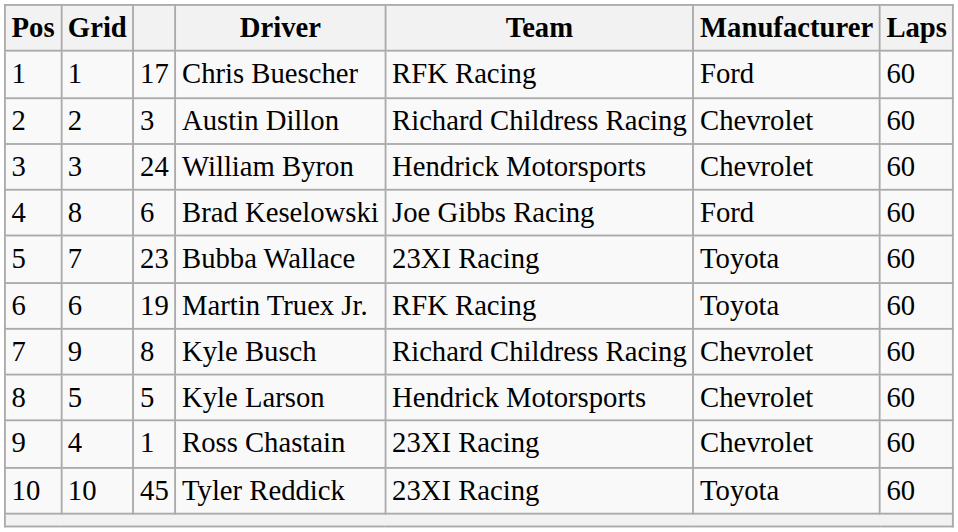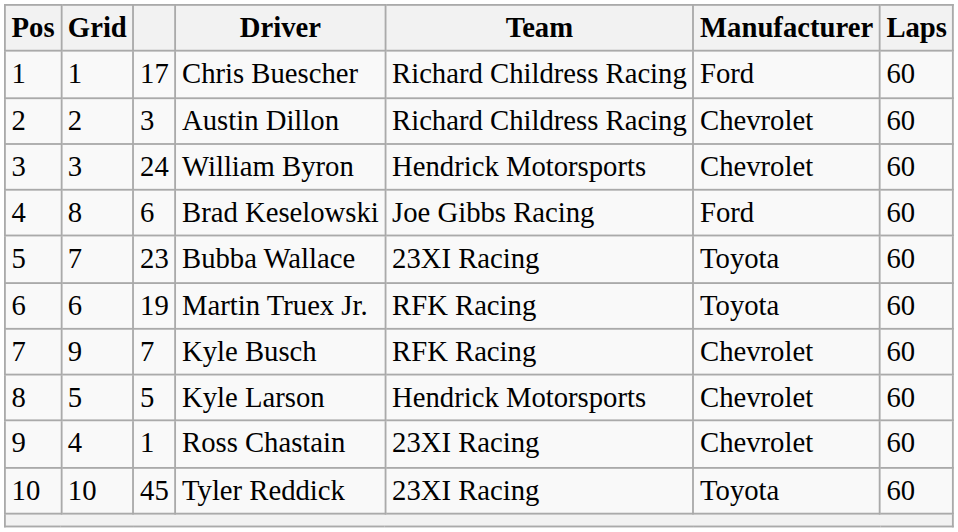 <table class="wikitable" style="font-size:98%">
 <tr>
 <th>Pos</th>
 <th>Grid</th>
 <th></th>
 <th>Driver</th>
 <th>Team</th>
 <th>Manufacturer</th>
 <th>Laps</th>
 </tr>
 <tr>
 <td>1</td>
 <td>1</td>
 <td>17</td>
 <td>Chris Buescher</td>
-<td>RFK Racing</td>
+<td>Richard Childress Racing</td>
 <td>Ford</td>
 <td>60</td>
 </tr>
 <tr>
 <td>2</td>
 <td>2</td>
 <td>3</td>
 <td>Austin Dillon</td>
 <td>Richard Childress Racing</td>
 <td>Chevrolet</td>
 <td>60</td>
 </tr>
 <tr>
 <td>3</td>
 <td>3</td>
 <td>24</td>
 <td>William Byron</td>
 <td>Hendrick Motorsports</td>
 <td>Chevrolet</td>
 <td>60</td>
 </tr>
 <tr>
 <td>4</td>
 <td>8</td>
 <td>6</td>
 <td>Brad Keselowski</td>
 <td>Joe Gibbs Racing</td>
 <td>Ford</td>
 <td>60</td>
 </tr>
 <tr>
 <td>5</td>
 <td>7</td>
 <td>23</td>
 <td>Bubba Wallace</td>
 <td>23XI Racing</td>
 <td>Toyota</td>
 <td>60</td>
 </tr>
 <tr>
 <td>6</td>
 <td>6</td>
 <td>19</td>
 <td>Martin Truex Jr.</td>
 <td>RFK Racing</td>
 <td>Toyota</td>
 <td>60</td>
 </tr>
 <tr>
 <td>7</td>
 <td>9</td>
-<td>8</td>
+<td>7</td>
 <td>Kyle Busch</td>
-<td>Richard Childress Racing</td>
+<td>RFK Racing</td>
 <td>Chevrolet</td>
 <td>60</td>
 </tr>
 <tr>
 <td>8</td>
 <td>5</td>
 <td>5</td>
 <td>Kyle Larson</td>
 <td>Hendrick Motorsports</td>
 <td>Chevrolet</td>
 <td>60</td>
 </tr>
 <tr>
 <td>9</td>
 <td>4</td>
 <td>1</td>
 <td>Ross Chastain</td>
 <td>23XI Racing</td>
 <td>Chevrolet</td>
 <td>60</td>
 </tr>
 <tr>
 <td>10</td>
 <td>10</td>
 <td>45</td>
 <td>Tyler Reddick</td>
 <td>23XI Racing</td>
 <td>Toyota</td>
 <td>60</td>
 </tr>
 <tr>
 <th colspan="7"></th>
 </tr>
 </table>
